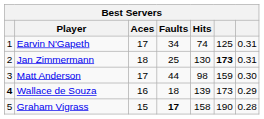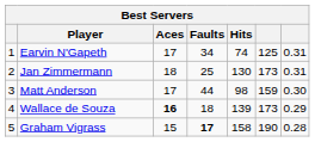 <table class="wikitable sortable" style=font-size:90%>
 <tr>
 <th colspan=7>Best Servers</th>
 </tr>
 <tr>
 <th></th>
 <th width=158>Player</th>
 <th width=20>Aces</th>
 <th width=20>Faults</th>
 <th width=20>Hits</th>
 <th width=20></th>
 <th width=20></th>
 </tr>
 <tr>
 <td>1</td>
 <td> <a href='#'>Earvin N'Gapeth</a></td>
 <td align=center>17</td>
 <td align=center>34</td>
 <td align=center>74</td>
 <td align=center>125</td>
 <td align=center>0.31</td>
 </tr>
 <tr>
 <td>2</td>
 <td> <a href='#'>Jan Zimmermann</a></td>
 <td align=center>18</td>
 <td align=center>25</td>
 <td align=center>130</td>
-<td align=center><strong>173</strong></td>
+<td align=center>173</td>
 <td align=center>0.31</td>
 </tr>
 <tr>
 <td>3</td>
 <td> <a href='#'>Matt Anderson</a></td>
 <td align=center>17</td>
 <td align=center>44</td>
 <td align=center>98</td>
 <td align=center>159</td>
 <td align=center>0.30</td>
 </tr>
 <tr>
-<td><strong>4</strong></td>
+<td>4</td>
 <td> <a href='#'>Wallace de Souza</a></td>
-<td align=center>16</td>
+<td align=center><strong>16</strong></td>
 <td align=center>18</td>
 <td align=center>139</td>
 <td align=center>173</td>
 <td align=center>0.29</td>
 </tr>
 <tr>
 <td>5</td>
 <td> <a href='#'>Graham Vigrass</a></td>
 <td align=center>15</td>
 <td align=center><strong>17</strong></td>
 <td align=center>158</td>
 <td align=center>190</td>
 <td align=center>0.28</td>
 </tr>
 </table>
